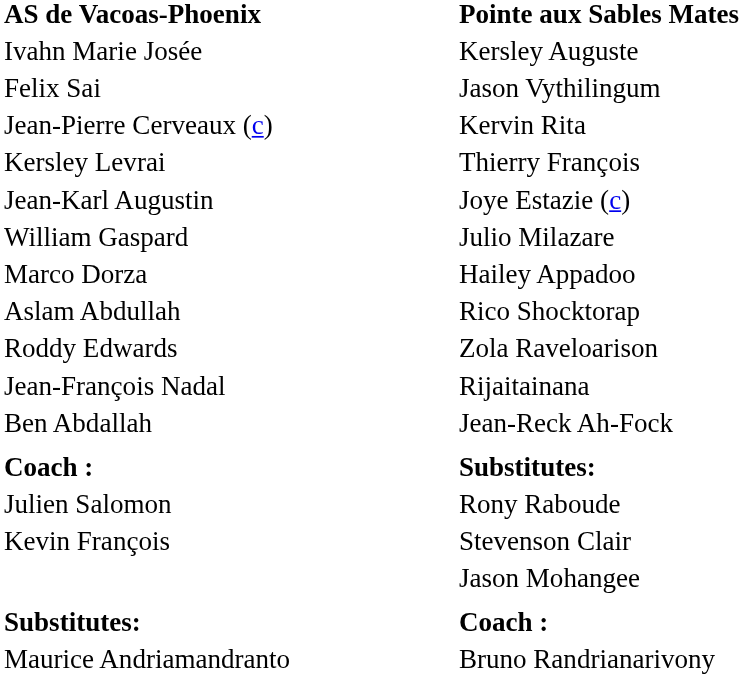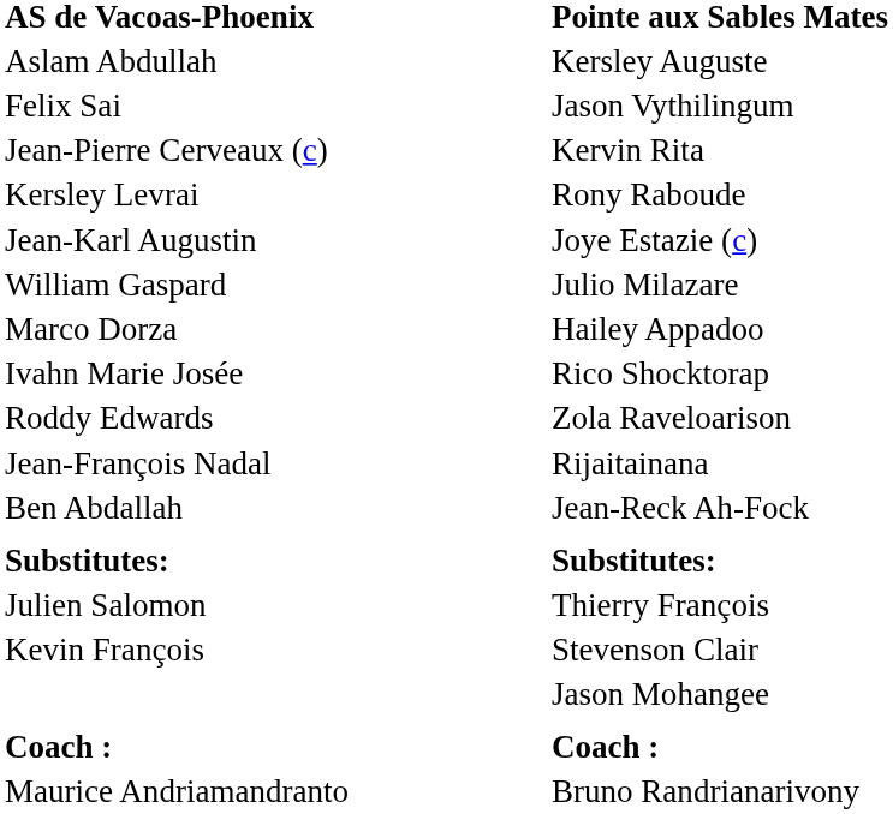 <table style="margin-left:268px; width:535px">
 <tr>
 <td><strong>AS de Vacoas-Phoenix</strong></td>
 <td><strong>Pointe aux Sables Mates</strong></td>
 </tr>
 <tr>
-<td>Ivahn Marie Josée</td>
+<td>Aslam Abdullah  </td>
 <td>Kersley Auguste</td>
 </tr>
 <tr>
 <td>Felix Sai</td>
 <td>Jason Vythilingum</td>
 </tr>
 <tr>
 <td>Jean-Pierre Cerveaux (<a href='#'>c</a>)</td>
 <td>Kervin Rita  </td>
 </tr>
 <tr>
 <td>Kersley Levrai</td>
-<td>Thierry François</td>
+<td>Rony Raboude </td>
 </tr>
 <tr>
 <td>Jean-Karl Augustin</td>
 <td>Joye Estazie (<a href='#'>c</a>)</td>
 </tr>
 <tr>
 <td>William Gaspard </td>
 <td>Julio Milazare </td>
 </tr>
 <tr>
 <td>Marco Dorza </td>
 <td>Hailey Appadoo </td>
 </tr>
 <tr>
-<td>Aslam Abdullah  </td>
+<td>Ivahn Marie Josée</td>
 <td>Rico Shocktorap</td>
 </tr>
 <tr>
 <td>Roddy Edwards </td>
 <td>Zola Raveloarison</td>
 </tr>
 <tr>
 <td>Jean-François Nadal  </td>
 <td>Rijaitainana </td>
 </tr>
 <tr>
 <td>Ben Abdallah</td>
 <td>Jean-Reck Ah-Fock</td>
 </tr>
 <tr>
 <td></td>
 <td></td>
 </tr>
 <tr>
-<td><strong>Coach :</strong></td>
+<td><strong>Substitutes:</strong></td>
 <td><strong>Substitutes:</strong></td>
 </tr>
 <tr>
 <td>Julien Salomon </td>
-<td>Rony Raboude </td>
+<td>Thierry François</td>
 </tr>
 <tr>
 <td>Kevin François </td>
 <td>Stevenson Clair </td>
 </tr>
 <tr>
 <td></td>
 <td>Jason Mohangee </td>
 </tr>
 <tr>
 <td></td>
 <td></td>
 </tr>
 <tr>
-<td><strong>Substitutes:</strong></td>
+<td><strong>Coach :</strong></td>
 <td><strong>Coach :</strong></td>
 </tr>
 <tr>
 <td>Maurice Andriamandranto</td>
 <td>Bruno Randrianarivony</td>
 </tr>
 </table>
